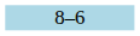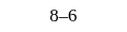 <table style="text-align:center">
 <tr>
 <th width=200></th>
 <th width=100></th>
 <th width=200></th>
 </tr>
 <tr>
 <td align=right><strong></strong></td>
-<td style="background: lightblue;">8–6</td>
+<td>8–6</td>
 <td align=left></td>
 </tr>
 </table>
